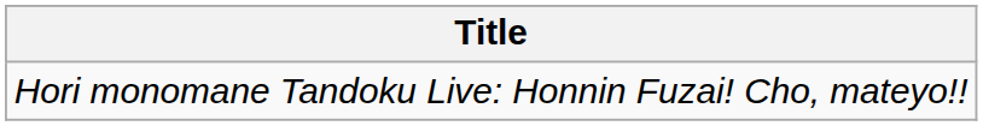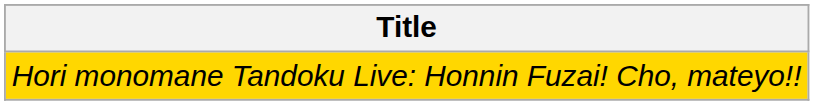 <table class="wikitable">
 <tr>
 <th>Title</th>
 </tr>
 <tr>
-<td><em>Hori monomane Tandoku Live: Honnin Fuzai! Cho, mateyo!!</em></td>
+<td style="background: gold;"><em>Hori monomane Tandoku Live: Honnin Fuzai! Cho, mateyo!!</em></td>
 </tr>
 </table>
